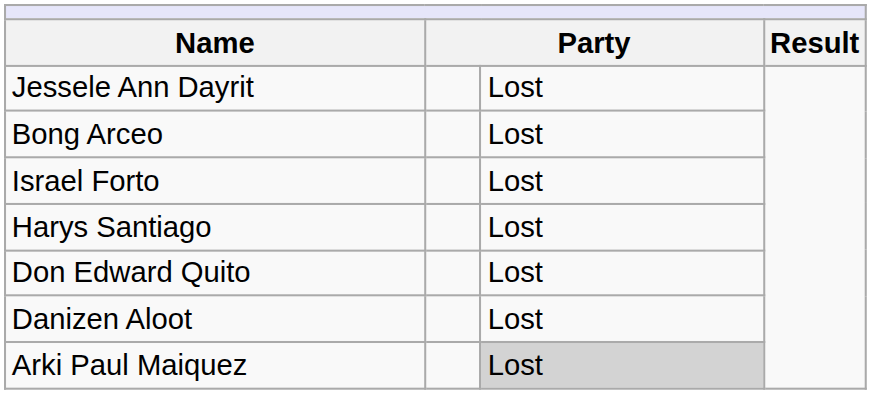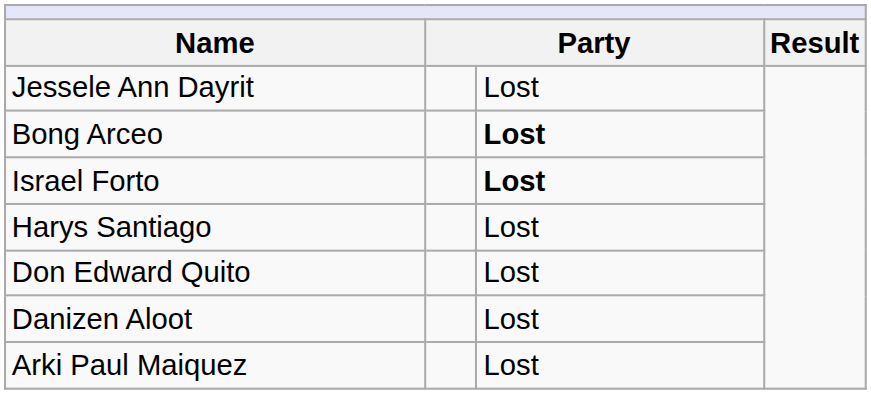 <table class="wikitable" style="font-size:90%">
 <tr>
 <td colspan="4" bgcolor="E6e6fa"></td>
 </tr>
 <tr>
 <th width="200px">Name</th>
 <th colspan="2" width="160px">Party</th>
 <th>Result</th>
 </tr>
 <tr>
 <td>Jessele Ann Dayrit</td>
 <td></td>
 <td>Lost</td>
 </tr>
 <tr>
 <td>Bong Arceo</td>
 <td></td>
-<td>Lost</td>
+<td><strong>Lost</strong></td>
 </tr>
 <tr>
 <td>Israel Forto</td>
 <td></td>
-<td>Lost</td>
+<td><strong>Lost</strong></td>
 </tr>
 <tr>
 <td>Harys Santiago</td>
 <td></td>
 <td>Lost</td>
 </tr>
 <tr>
 <td>Don Edward Quito</td>
 <td></td>
 <td>Lost</td>
 </tr>
 <tr>
 <td>Danizen Aloot</td>
 <td></td>
 <td>Lost</td>
 </tr>
 <tr>
 <td>Arki Paul Maiquez</td>
 <td></td>
-<td style="background: lightgrey;">Lost</td>
+<td>Lost</td>
 </tr>
 </table>
